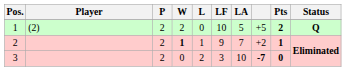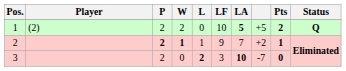 <table class="wikitable" style="text-align:center; margin: 1em auto 1em auto, align:left">
 <tr>
 <th width=25>Pos.</th>
 <th width=200>Player</th>
 <th width=25>P</th>
 <th width=25>W</th>
 <th width=25>L</th>
 <th width=25>LF</th>
 <th width=25>LA</th>
 <th width=25></th>
 <th width=25>Pts</th>
 <th width=75>Status</th>
 </tr>
 <tr>
 </tr>
 <tr style="background:#CCFFCC;">
 <td>1</td>
 <td align=left> (2)</td>
 <td>2</td>
 <td>2</td>
 <td>0</td>
 <td>10</td>
-<td>5</td>
+<td><strong>5</strong></td>
 <td>+5</td>
 <td><strong>2</strong></td>
 <td><strong>Q</strong></td>
 </tr>
 <tr style="background:#FFCCCC;">
 <td>2</td>
 <td align=left></td>
-<td>2</td>
+<td><strong>2</strong></td>
 <td><strong>1</strong></td>
 <td>1</td>
 <td>9</td>
 <td>7</td>
 <td>+2</td>
 <td><strong>1</strong></td>
 <td rowspan=2><strong>Eliminated</strong></td>
 </tr>
 <tr style="background:#FFCCCC;">
 <td>3</td>
 <td align=left></td>
 <td>2</td>
 <td>0</td>
-<td>2</td>
+<td><strong>2</strong></td>
 <td>3</td>
-<td>10</td>
-<td><strong>-7</strong></td>
+<td><strong>10</strong></td>
+<td>-7</td>
 <td><strong>0</strong></td>
 </tr>
 </table>
